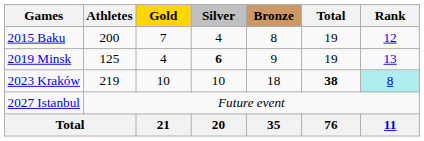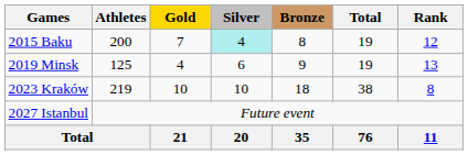 <table class="wikitable" style="text-align:center; font-size:90%;">
 <tr>
 <th>Games</th>
 <th>Athletes</th>
 <td style="background:gold; width:3.7em; font-weight:bold;">Gold</td>
 <td style="background:silver; width:3.7em; font-weight:bold;">Silver</td>
 <td style="background:#cc9966; width:3.7em; font-weight:bold;">Bronze</td>
 <th style="width:4em; font-weight:bold;">Total</th>
 <th style="width:4em; font-weight:bold;">Rank</th>
 </tr>
 <tr>
 <td align=left> <a href='#'>2015 Baku</a></td>
 <td>200</td>
 <td>7</td>
-<td>4</td>
+<td style="background: paleturquoise;">4</td>
 <td>8</td>
 <td>19</td>
 <td><a href='#'>12</a></td>
 </tr>
 <tr>
 <td align=left> <a href='#'>2019 Minsk</a></td>
 <td>125</td>
 <td>4</td>
-<td><strong>6</strong></td>
+<td>6</td>
 <td>9</td>
 <td>19</td>
 <td><a href='#'>13</a></td>
 </tr>
 <tr>
 <td align=left> <a href='#'>2023 Kraków</a></td>
 <td>219</td>
 <td>10</td>
 <td>10</td>
 <td>18</td>
-<td><strong>38</strong></td>
-<td style="background: paleturquoise;"><a href='#'>8</a></td>
+<td>38</td>
+<td><a href='#'>8</a></td>
 </tr>
 <tr>
 <td align=left> <a href='#'>2027 Istanbul</a></td>
 <td colspan=6><em>Future event</em></td>
 </tr>
 <tr>
 <th colspan=2>Total</th>
 <th>21</th>
 <th>20</th>
 <th>35</th>
 <th>76</th>
 <th><a href='#'>11</a></th>
 </tr>
 </table>
